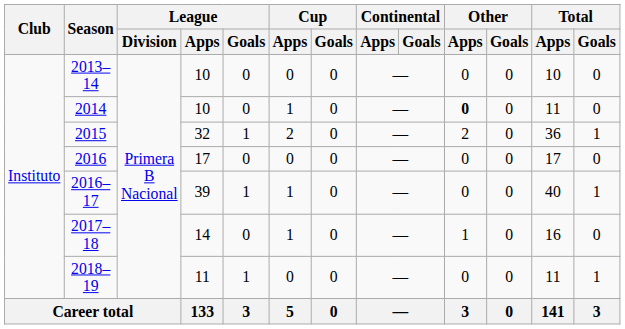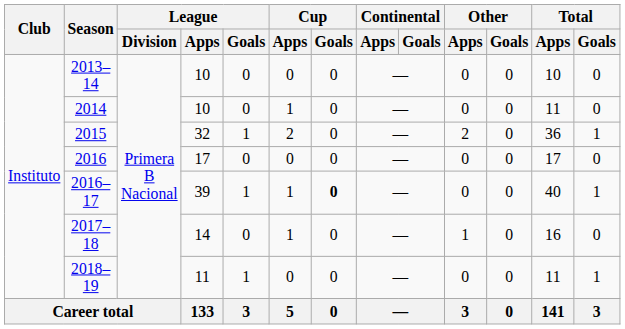 <table class="wikitable" style="text-align:center">
 <tr>
 <th rowspan="2">Club</th>
 <th rowspan="2">Season</th>
 <th colspan="3">League</th>
 <th colspan="2">Cup</th>
 <th colspan="2">Continental</th>
 <th colspan="2">Other</th>
 <th colspan="2">Total</th>
 </tr>
 <tr>
 <th>Division</th>
 <th>Apps</th>
 <th>Goals</th>
 <th>Apps</th>
 <th>Goals</th>
 <th>Apps</th>
 <th>Goals</th>
 <th>Apps</th>
 <th>Goals</th>
 <th>Apps</th>
 <th>Goals</th>
 </tr>
 <tr>
 <td rowspan="7"><a href='#'>Instituto</a></td>
 <td><a href='#'>2013–14</a></td>
 <td rowspan="7"><a href='#'>Primera B Nacional</a></td>
 <td>10</td>
 <td>0</td>
 <td>0</td>
 <td>0</td>
 <td colspan="2">—</td>
 <td>0</td>
 <td>0</td>
 <td>10</td>
 <td>0</td>
 </tr>
 <tr>
 <td><a href='#'>2014</a></td>
 <td>10</td>
 <td>0</td>
 <td>1</td>
 <td>0</td>
 <td colspan="2">—</td>
-<td><strong>0</strong></td>
+<td>0</td>
 <td>0</td>
 <td>11</td>
 <td>0</td>
 </tr>
 <tr>
 <td><a href='#'>2015</a></td>
 <td>32</td>
 <td>1</td>
 <td>2</td>
 <td>0</td>
 <td colspan="2">—</td>
 <td>2</td>
 <td>0</td>
 <td>36</td>
 <td>1</td>
 </tr>
 <tr>
 <td><a href='#'>2016</a></td>
 <td>17</td>
 <td>0</td>
 <td>0</td>
 <td>0</td>
 <td colspan="2">—</td>
 <td>0</td>
 <td>0</td>
 <td>17</td>
 <td>0</td>
 </tr>
 <tr>
 <td><a href='#'>2016–17</a></td>
 <td>39</td>
 <td>1</td>
 <td>1</td>
-<td>0</td>
+<td><strong>0</strong></td>
 <td colspan="2">—</td>
 <td>0</td>
 <td>0</td>
 <td>40</td>
 <td>1</td>
 </tr>
 <tr>
 <td><a href='#'>2017–18</a></td>
 <td>14</td>
 <td>0</td>
 <td>1</td>
 <td>0</td>
 <td colspan="2">—</td>
 <td>1</td>
 <td>0</td>
 <td>16</td>
 <td>0</td>
 </tr>
 <tr>
 <td><a href='#'>2018–19</a></td>
 <td>11</td>
 <td>1</td>
 <td>0</td>
 <td>0</td>
 <td colspan="2">—</td>
 <td>0</td>
 <td>0</td>
 <td>11</td>
 <td>1</td>
 </tr>
 <tr>
 <th colspan="3">Career total</th>
 <th>133</th>
 <th>3</th>
 <th>5</th>
 <th>0</th>
 <th colspan="2">—</th>
 <th>3</th>
 <th>0</th>
 <th>141</th>
 <th>3</th>
 </tr>
 </table>
